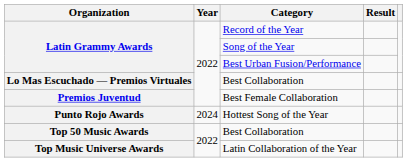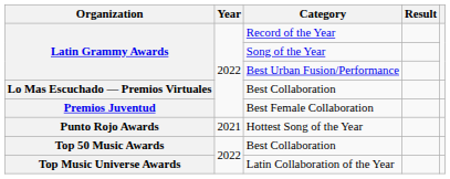 <table class="wikitable sortable plainrowheaders" style="border:none; margin:0;">
 <tr>
 <th scope="col">Organization</th>
 <th scope="col">Year</th>
 <th scope="col">Category</th>
 <th scope="col">Result</th>
 <th class="unsortable" scope="col"></th>
 </tr>
 <tr>
 <th scope="row" rowspan="3"><a href='#'>Latin Grammy Awards</a></th>
 <td rowspan="5">2022</td>
 <td><a href='#'>Record of the Year</a></td>
 <td></td>
 <td rowspan="3" align="center"></td>
 </tr>
 <tr>
 <td><a href='#'>Song of the Year</a></td>
 <td></td>
 </tr>
 <tr>
 <td><a href='#'>Best Urban Fusion/Performance</a></td>
 <td></td>
 </tr>
 <tr>
 <th scope="row">Lo Mas Escuchado — Premios Virtuales</th>
 <td>Best Collaboration</td>
 <td></td>
 <td align="center"></td>
 </tr>
 <tr>
 <th scope="row"><a href='#'>Premios Juventud</a></th>
 <td>Best Female Collaboration</td>
 <td></td>
 <td align="center"></td>
 </tr>
 <tr>
 <th scope="row">Punto Rojo Awards</th>
-<td>2024</td>
+<td>2021</td>
 <td>Hottest Song of the Year</td>
 <td></td>
 <td align="center"></td>
 </tr>
 <tr>
 <th scope="row">Top 50 Music Awards</th>
 <td rowspan="2">2022</td>
 <td>Best Collaboration</td>
 <td></td>
 <td align="center"></td>
 </tr>
 <tr>
 <th scope="row">Top Music Universe Awards</th>
 <td>Latin Collaboration of the Year</td>
 <td></td>
 <td align="center"></td>
 </tr>
 <tr>
 </tr>
 </table>
